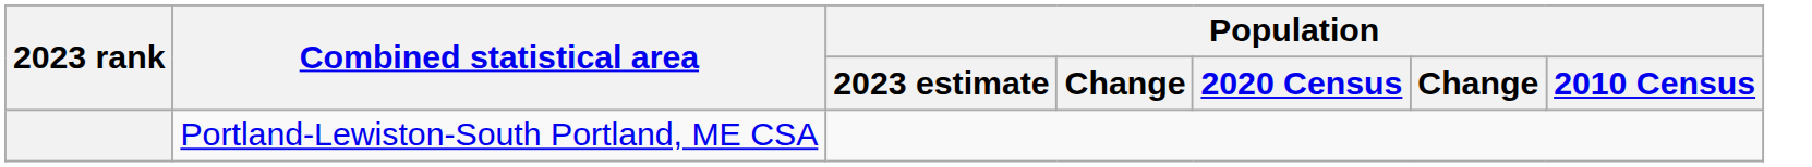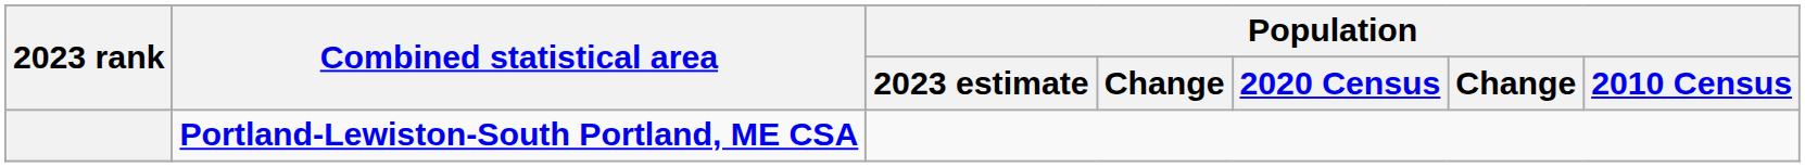 <table class="wikitable sortable">
 <tr>
 <th scope=col rowspan=2>2023 rank</th>
 <th scope=col rowspan=2><a href='#'>Combined statistical area</a></th>
 <th colspan=5>Population</th>
 </tr>
 <tr>
 <th scope=col>2023 estimate</th>
 <th scope=col>Change</th>
 <th scope=col><a href='#'>2020 Census</a></th>
 <th scope=col>Change</th>
 <th scope=col><a href='#'>2010 Census</a></th>
 </tr>
 <tr>
 <th scope=row></th>
-<td><a href='#'>Portland-Lewiston-South Portland, ME CSA</a><br></td>
+<td><strong><a href='#'>Portland-Lewiston-South Portland, ME CSA</a><br></strong></td>
 </tr>
 </table>
